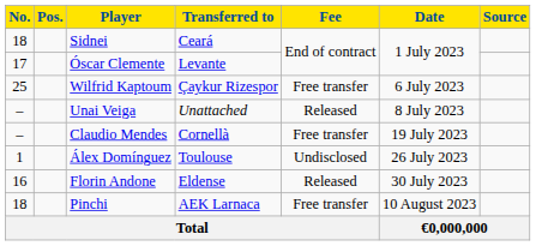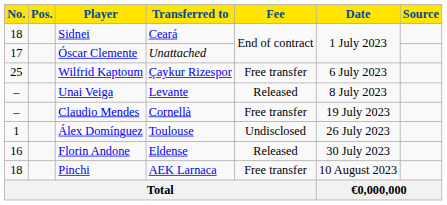 <table class="wikitable plainrowheaders sortable">
 <tr>
 <th style="background:#ffe400; color:#004b9d; ">No.</th>
 <th style="background:#ffe400; color:#004b9d; ">Pos.</th>
 <th style="background:#ffe400; color:#004b9d; ">Player</th>
 <th style="background:#ffe400; color:#004b9d; ">Transferred to</th>
 <th style="background:#ffe400; color:#004b9d; ">Fee</th>
 <th style="background:#ffe400; color:#004b9d; ">Date</th>
 <th style="background:#ffe400; color:#004b9d; ">Source</th>
 </tr>
 <tr>
 <td align=center>18</td>
 <td align=center></td>
 <td> <a href='#'>Sidnei</a></td>
 <td> <a href='#'>Ceará</a></td>
 <td rowspan=2; align=center>End of contract</td>
 <td rowspan=2; align=center>1 July 2023</td>
 <td align=center></td>
 </tr>
 <tr>
 <td align=center>17</td>
 <td align=center></td>
 <td> <a href='#'>Óscar Clemente</a></td>
-<td><a href='#'>Levante</a></td>
+<td><em>Unattached</em></td>
 <td align=center></td>
 </tr>
 <tr>
 <td align=center>25</td>
 <td align=center></td>
 <td> <a href='#'>Wilfrid Kaptoum</a></td>
 <td> <a href='#'>Çaykur Rizespor</a></td>
 <td align=center>Free transfer</td>
 <td align=center>6 July 2023</td>
 <td align=center></td>
 </tr>
 <tr>
 <td align=center>–</td>
 <td align=center></td>
 <td> <a href='#'>Unai Veiga</a></td>
-<td><em>Unattached</em></td>
+<td><a href='#'>Levante</a></td>
 <td align=center>Released</td>
 <td align=center>8 July 2023</td>
 <td align=center></td>
 </tr>
 <tr>
 <td align=center>–</td>
 <td align=center></td>
 <td> <a href='#'>Claudio Mendes</a></td>
 <td><a href='#'>Cornellà</a></td>
 <td align=center>Free transfer</td>
 <td align=center>19 July 2023</td>
 <td align=center></td>
 </tr>
 <tr>
 <td align=center>1</td>
 <td align=center></td>
 <td> <a href='#'>Álex Domínguez</a></td>
 <td> <a href='#'>Toulouse</a></td>
 <td align=center>Undisclosed</td>
 <td align=center>26 July 2023</td>
 <td align=center></td>
 </tr>
 <tr>
 <td align=center>16</td>
 <td align=center></td>
 <td> <a href='#'>Florin Andone</a></td>
 <td><a href='#'>Eldense</a></td>
 <td align=center>Released</td>
 <td align=center>30 July 2023</td>
 <td align=center></td>
 </tr>
 <tr>
 <td align=center>18</td>
 <td align=center></td>
 <td> <a href='#'>Pinchi</a></td>
 <td> <a href='#'>AEK Larnaca</a></td>
 <td align=center>Free transfer</td>
 <td align=center>10 August 2023</td>
 <td align=center></td>
 </tr>
 <tr>
 <th colspan="5">Total</th>
 <th colspan="2">€0,000,000</th>
 </tr>
 </table>
